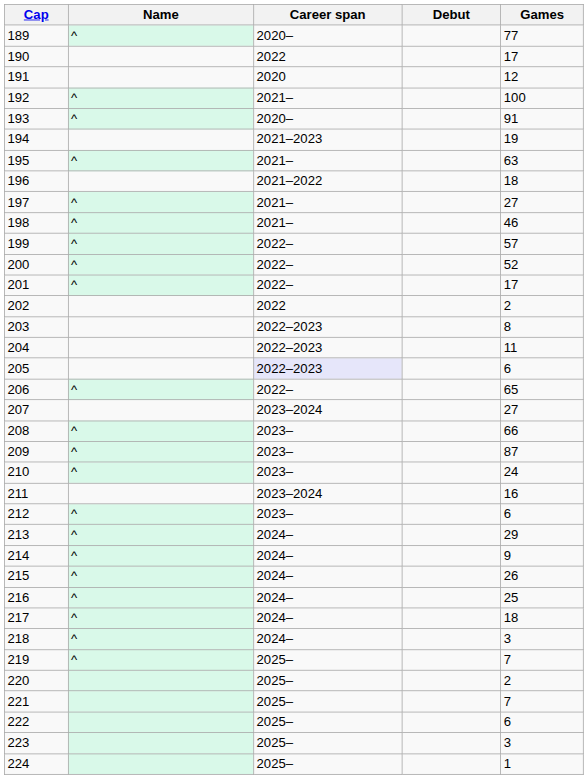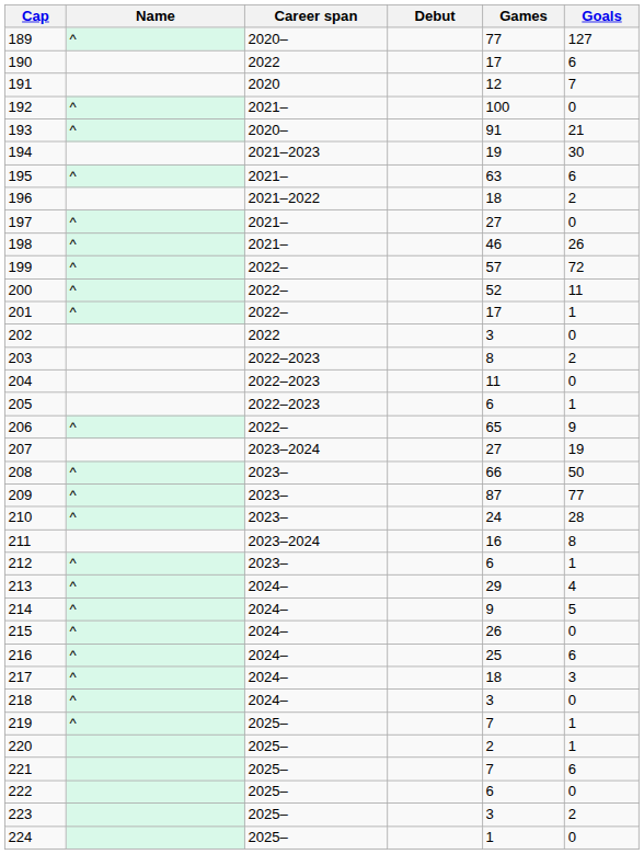 <table class="wikitable sortable" style="width:80%;">
 <tr style="background:#efefef;">
 <th style="width:5%;"><a href='#'>Cap</a></th>
 <th style="width:15%;">Name</th>
 <th style="width:12%;">Career span</th>
 <th style="width:8%;">Debut</th>
 <th style="width:5%;">Games</th>
+<th style="width:5%;"><a href='#'>Goals</a></th>
 </tr>
 <tr>
 <td>189</td>
 <td style="text-align:left; background:#d9f9e9">^</td>
 <td>2020–</td>
 <td></td>
 <td>77</td>
+<td>127</td>
 </tr>
 <tr>
 <td>190</td>
 <td style="text-align:left"></td>
 <td>2022</td>
 <td></td>
 <td>17</td>
+<td>6</td>
 </tr>
 <tr>
 <td>191</td>
 <td style="text-align:left;"></td>
 <td>2020</td>
 <td></td>
 <td>12</td>
+<td>7</td>
 </tr>
 <tr>
 <td>192</td>
 <td style="text-align:left; background:#d9f9e9">^</td>
 <td>2021–</td>
 <td></td>
 <td>100</td>
+<td>0</td>
 </tr>
 <tr>
 <td>193</td>
 <td style="text-align:left; background:#d9f9e9">^</td>
 <td>2020–</td>
 <td></td>
 <td>91</td>
+<td>21</td>
 </tr>
 <tr>
 <td>194</td>
 <td style="text-align:left"></td>
 <td>2021–2023</td>
 <td></td>
 <td>19</td>
+<td>30</td>
 </tr>
 <tr>
 <td>195</td>
 <td style="text-align:left; background:#d9f9e9">^ </td>
 <td>2021–</td>
 <td></td>
 <td>63</td>
+<td>6</td>
 </tr>
 <tr>
 <td>196</td>
 <td style="text-align:left"></td>
 <td>2021–2022</td>
 <td></td>
 <td>18</td>
+<td>2</td>
 </tr>
 <tr>
 <td>197</td>
 <td style="text-align:left; background:#d9f9e9">^</td>
 <td>2021–</td>
 <td></td>
 <td>27</td>
+<td>0</td>
 </tr>
 <tr>
 <td>198</td>
 <td style="text-align:left; background:#d9f9e9">^</td>
 <td>2021–</td>
 <td></td>
 <td>46</td>
+<td>26</td>
 </tr>
 <tr>
 <td>199</td>
 <td style="text-align:left; background:#d9f9e9">^ </td>
 <td>2022–</td>
 <td></td>
 <td>57</td>
+<td>72</td>
 </tr>
 <tr>
 <td>200</td>
 <td style="text-align:left; background:#d9f9e9">^</td>
 <td>2022–</td>
 <td></td>
 <td>52</td>
+<td>11</td>
 </tr>
 <tr>
 <td>201</td>
 <td style="text-align:left; background:#d9f9e9">^</td>
 <td>2022–</td>
 <td></td>
 <td>17</td>
+<td>1</td>
 </tr>
 <tr>
 <td>202</td>
 <td style="text-align:left"></td>
 <td>2022</td>
 <td></td>
-<td>2</td>
+<td>3</td>
+<td>0</td>
 </tr>
 <tr>
 <td>203</td>
 <td style="text-align:left;"></td>
 <td>2022–2023</td>
 <td></td>
 <td>8</td>
+<td>2</td>
 </tr>
 <tr>
 <td>204</td>
 <td style="text-align:left"></td>
 <td>2022–2023</td>
 <td></td>
 <td>11</td>
+<td>0</td>
 </tr>
 <tr>
 <td>205</td>
 <td style="text-align:left"></td>
-<td style="background: lavender;">2022–2023</td>
+<td>2022–2023</td>
 <td></td>
 <td>6</td>
+<td>1</td>
 </tr>
 <tr>
 <td>206</td>
 <td style="text-align:left; background:#d9f9e9">^ </td>
 <td>2022–</td>
 <td></td>
 <td>65</td>
+<td>9</td>
 </tr>
 <tr>
 <td>207</td>
 <td style="text-align:left"></td>
 <td>2023–2024</td>
 <td></td>
 <td>27</td>
+<td>19</td>
 </tr>
 <tr>
 <td>208</td>
 <td style="text-align:left; background:#d9f9e9">^ </td>
 <td>2023–</td>
 <td></td>
 <td>66</td>
+<td>50</td>
 </tr>
 <tr>
 <td>209</td>
 <td style="text-align:left; background:#d9f9e9">^ </td>
 <td>2023–</td>
 <td></td>
 <td>87</td>
+<td>77</td>
 </tr>
 <tr>
 <td>210</td>
 <td style="text-align:left; background:#d9f9e9">^</td>
 <td>2023–</td>
 <td></td>
 <td>24</td>
+<td>28</td>
 </tr>
 <tr>
 <td>211</td>
 <td style="text-align:left"> </td>
 <td>2023–2024</td>
 <td></td>
 <td>16</td>
+<td>8</td>
 </tr>
 <tr>
 <td>212</td>
 <td style="text-align:left; background:#d9f9e9">^</td>
 <td>2023–</td>
 <td></td>
 <td>6</td>
+<td>1</td>
 </tr>
 <tr>
 <td>213</td>
 <td style="text-align:left; background:#d9f9e9">^</td>
 <td>2024–</td>
 <td></td>
 <td>29</td>
+<td>4</td>
 </tr>
 <tr>
 <td>214</td>
 <td style="text-align:left; background:#d9f9e9">^</td>
 <td>2024–</td>
 <td></td>
 <td>9</td>
+<td>5</td>
 </tr>
 <tr>
 <td>215</td>
 <td style="text-align:left; background:#d9f9e9">^</td>
 <td>2024–</td>
 <td></td>
 <td>26</td>
+<td>0</td>
 </tr>
 <tr>
 <td>216</td>
 <td style="text-align:left; background:#d9f9e9">^</td>
 <td>2024–</td>
 <td></td>
 <td>25</td>
+<td>6</td>
 </tr>
 <tr>
 <td>217</td>
 <td style="text-align:left; background:#d9f9e9">^</td>
 <td>2024–</td>
 <td></td>
 <td>18</td>
+<td>3</td>
 </tr>
 <tr>
 <td>218</td>
 <td style="text-align:left; background:#d9f9e9">^</td>
 <td>2024–</td>
 <td></td>
 <td>3</td>
+<td>0</td>
 </tr>
 <tr>
 <td>219</td>
 <td style="text-align:left; background:#d9f9e9">^</td>
 <td>2025–</td>
 <td></td>
 <td>7</td>
+<td>1</td>
 </tr>
 <tr>
 <td>220</td>
 <td style="text-align:left; background:#d9f9e9"></td>
 <td>2025–</td>
 <td></td>
 <td>2</td>
+<td>1</td>
 </tr>
 <tr>
 <td>221</td>
 <td style="text-align:left; background:#d9f9e9"></td>
 <td>2025–</td>
 <td></td>
 <td>7</td>
+<td>6</td>
 </tr>
 <tr>
 <td>222</td>
 <td style="text-align:left; background:#d9f9e9"></td>
 <td>2025–</td>
 <td></td>
 <td>6</td>
+<td>0</td>
 </tr>
 <tr>
 <td>223</td>
 <td style="text-align:left; background:#d9f9e9"></td>
 <td>2025–</td>
 <td></td>
 <td>3</td>
+<td>2</td>
 </tr>
 <tr>
 <td>224</td>
 <td style="text-align:left; background:#d9f9e9"></td>
 <td>2025–</td>
 <td></td>
 <td>1</td>
+<td>0</td>
 </tr>
 </table>
